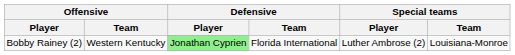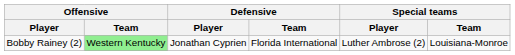 <table class="wikitable">
 <tr>
 <th colspan="2">Offensive</th>
 <th colspan="2">Defensive</th>
 <th colspan="2">Special teams</th>
 </tr>
 <tr>
 <th>Player</th>
 <th>Team</th>
 <th>Player</th>
 <th>Team</th>
 <th>Player</th>
 <th>Team</th>
 </tr>
 <tr>
 <td>Bobby Rainey (2)</td>
-<td>Western Kentucky</td>
-<td style="background: lightgreen;">Jonathan Cyprien</td>
+<td style="background: lightgreen;">Western Kentucky</td>
+<td>Jonathan Cyprien</td>
 <td>Florida International</td>
 <td>Luther Ambrose (2)</td>
 <td>Louisiana-Monroe</td>
 </tr>
 </table>
